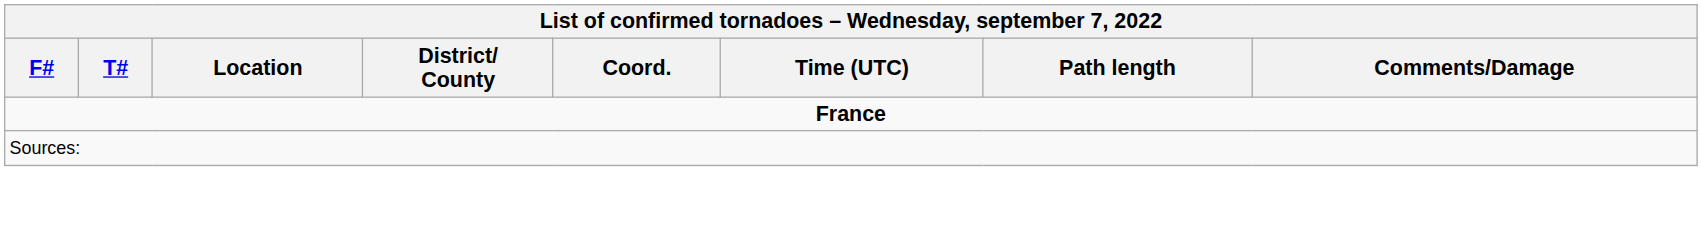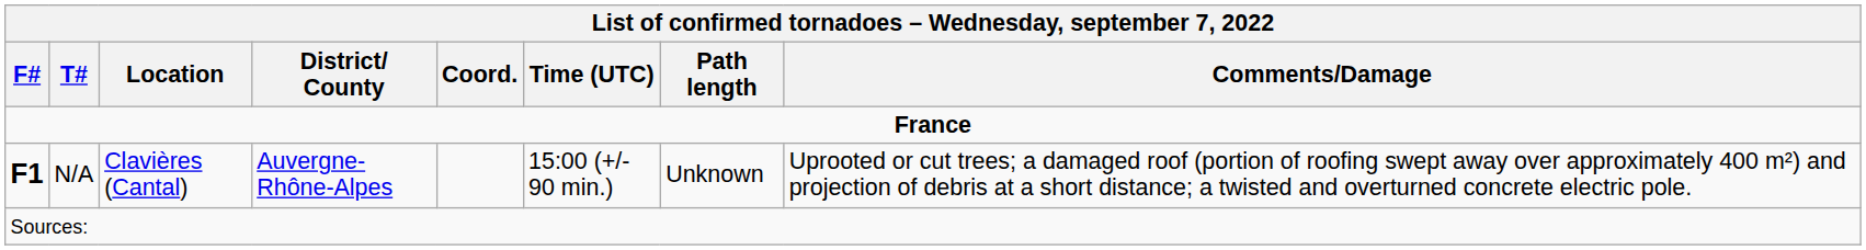 <table class="wikitable collapsible" width="100%">
 <tr>
 <th colspan="8">List of confirmed tornadoes – Wednesday, september 7, 2022</th>
 </tr>
 <tr>
 <th><a href='#'>F#</a></th>
 <th><a href='#'>T#</a></th>
 <th>Location</th>
 <th>District/<br>County</th>
 <th>Coord.</th>
 <th>Time (UTC)</th>
 <th>Path length</th>
 <th>Comments/Damage</th>
 </tr>
 <tr>
 <td colspan="8" align=center><strong>France</strong></td>
 </tr>
 <tr>
+<td><big><strong>F1</strong></big></td>
+<td>N/A</td>
+<td><a href='#'>Clavières</a> (<a href='#'>Cantal</a>)</td>
+<td><a href='#'>Auvergne-Rhône-Alpes</a></td>
+<td></td>
+<td>15:00 (+/- 90 min.)</td>
+<td>Unknown</td>
+<td>Uprooted or cut trees; a damaged roof (portion of roofing swept away over approximately 400 m²) and projection of debris at a short distance; a twisted and overturned concrete electric pole.</td>
+</tr>
+<tr>
 <td colspan="8"><small>Sources:  </small></td>
 </tr>
 </table>
